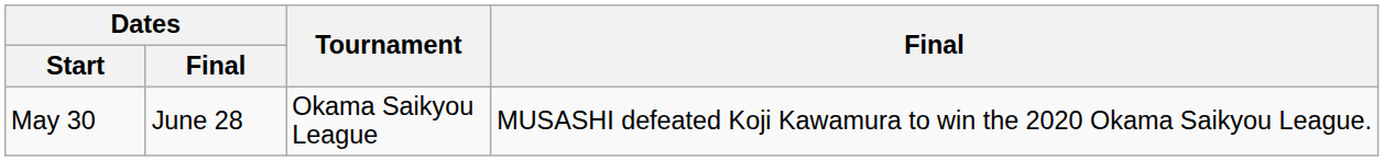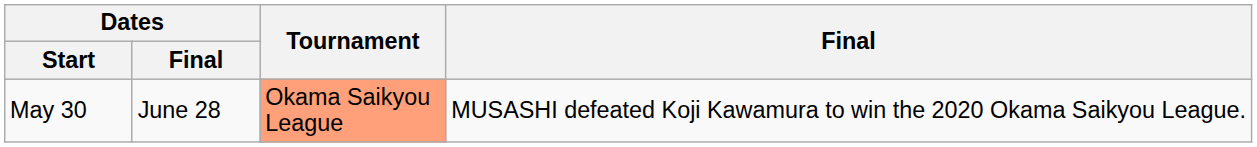 <table class="wikitable">
 <tr>
 <th colspan=2>Dates</th>
 <th rowspan=2 scope="col" style="width: 120px;">Tournament</th>
 <th rowspan=2>Final</th>
 </tr>
 <tr>
 <th scope="col" style="width: 80px;">Start</th>
 <th scope="col" style="width: 80px;">Final</th>
 </tr>
 <tr>
 <td>May 30</td>
 <td>June 28</td>
-<td>Okama Saikyou League</td>
+<td style="background: lightsalmon;">Okama Saikyou League</td>
 <td>MUSASHI defeated Koji Kawamura to win the 2020 Okama Saikyou League.</td>
 </tr>
 </table>
